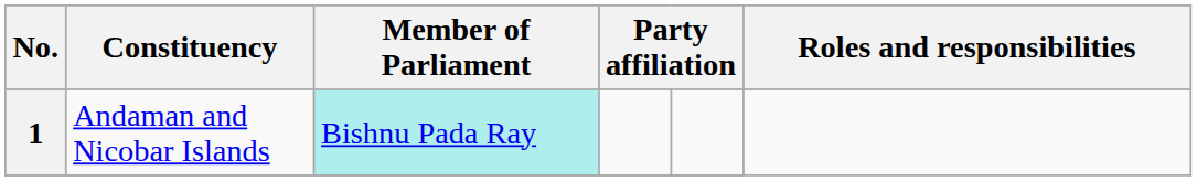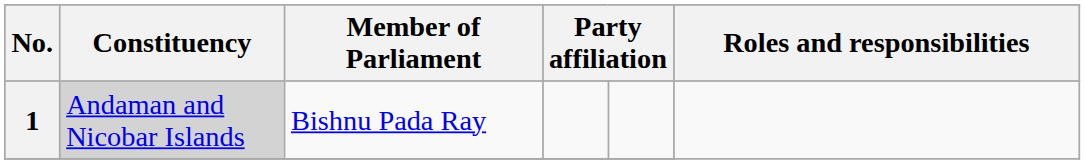 <table class="wikitable">
 <tr style="text-align:center;">
 <th>No.</th>
 <th style="width:12em">Constituency</th>
 <th style="width:18em">Member of Parliament</th>
 <th colspan="2" style="width:18em">Party affiliation</th>
 <th style="width:32em">Roles and responsibilities</th>
 </tr>
 <tr>
 <th>1</th>
-<td><a href='#'>Andaman and Nicobar Islands</a></td>
-<td style="background: paleturquoise;"><a href='#'>Bishnu Pada Ray</a></td>
+<td style="background: lightgrey;"><a href='#'>Andaman and Nicobar Islands</a></td>
+<td><a href='#'>Bishnu Pada Ray</a></td>
 <td></td>
 <td></td>
 </tr>
 <tr>
 </tr>
 </table>
